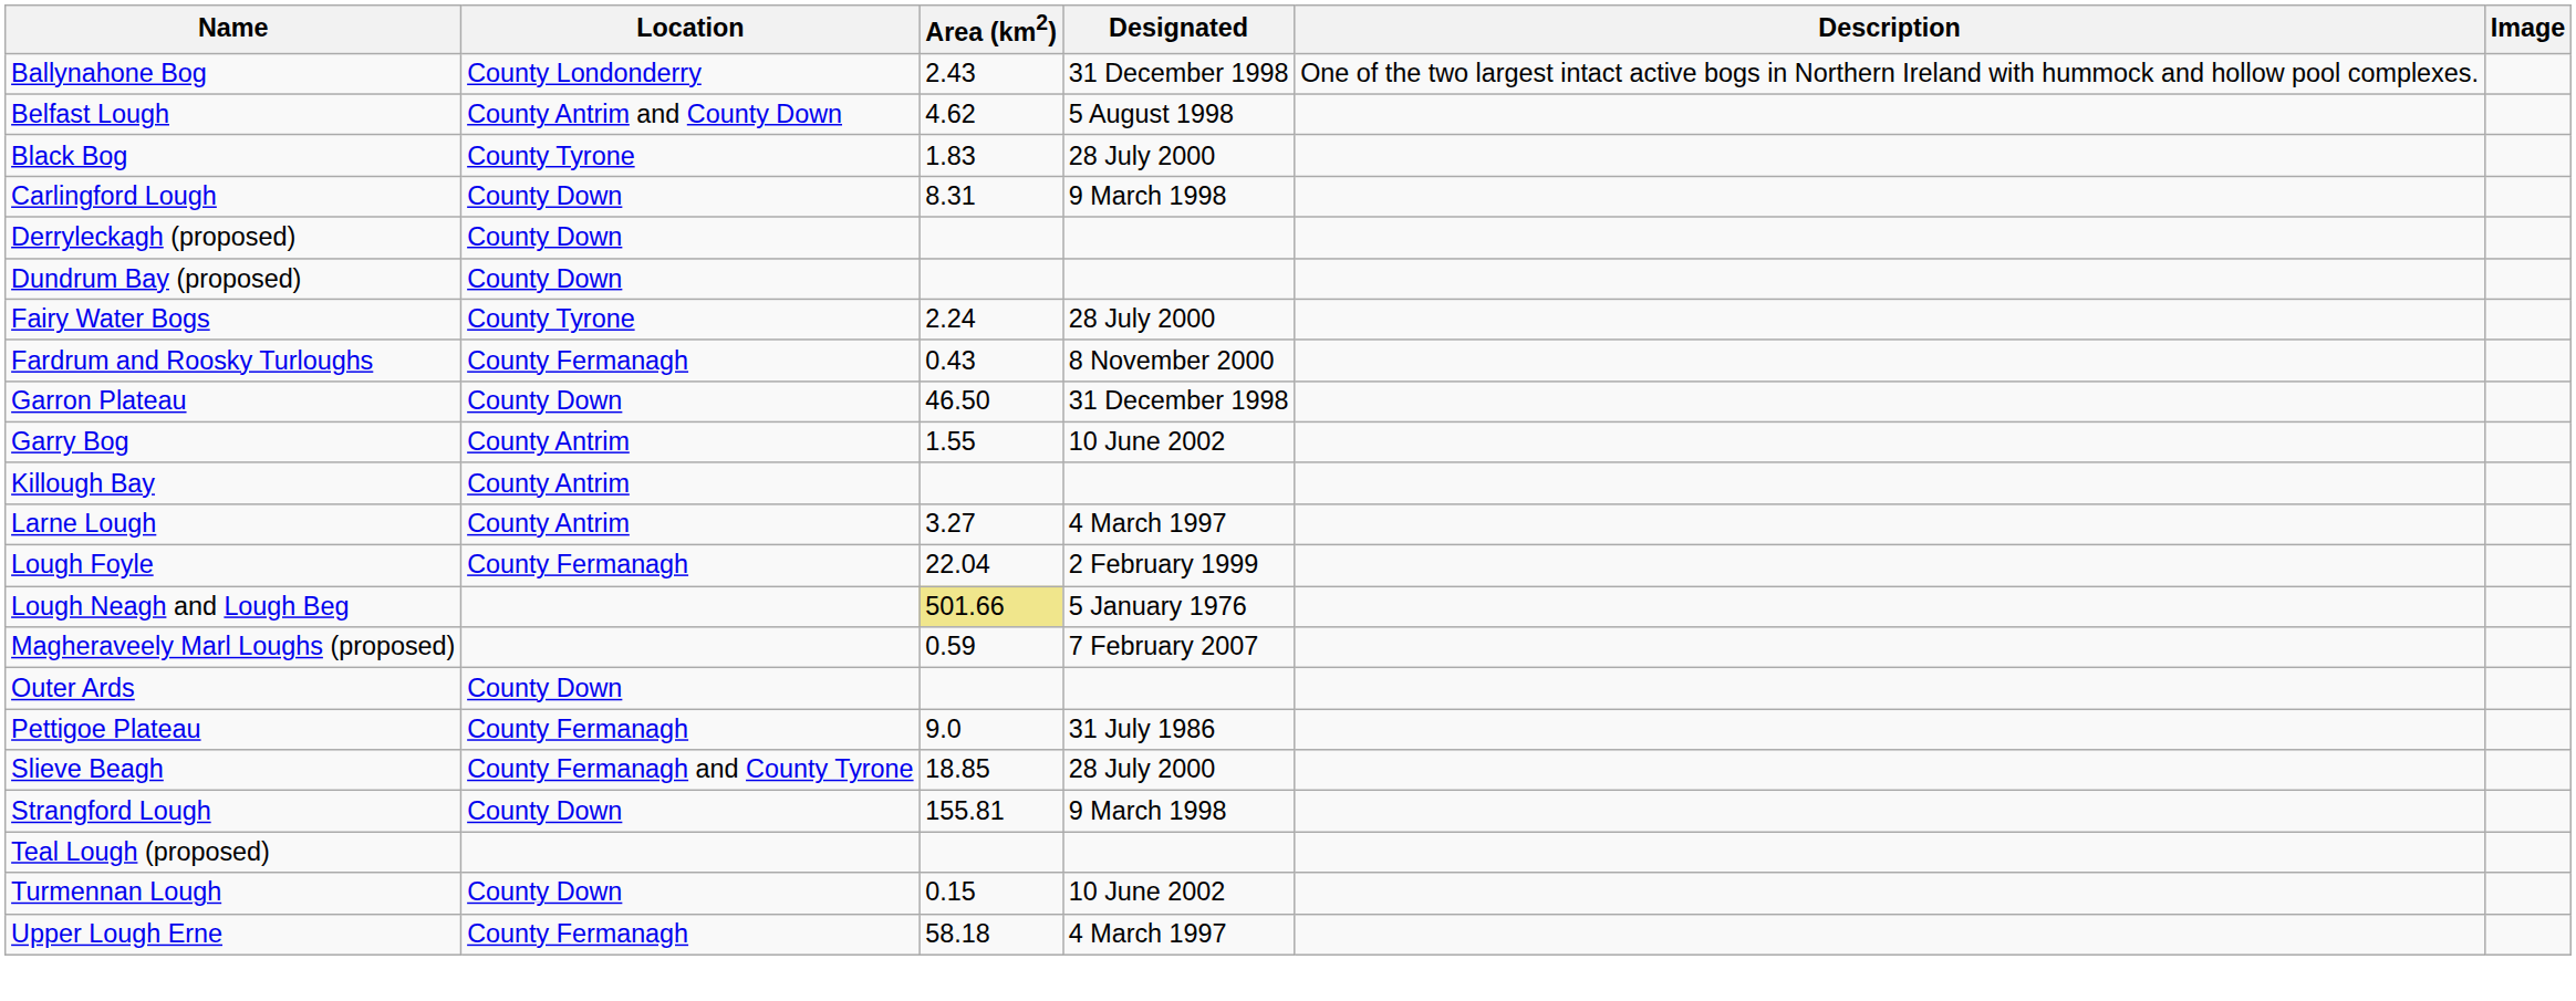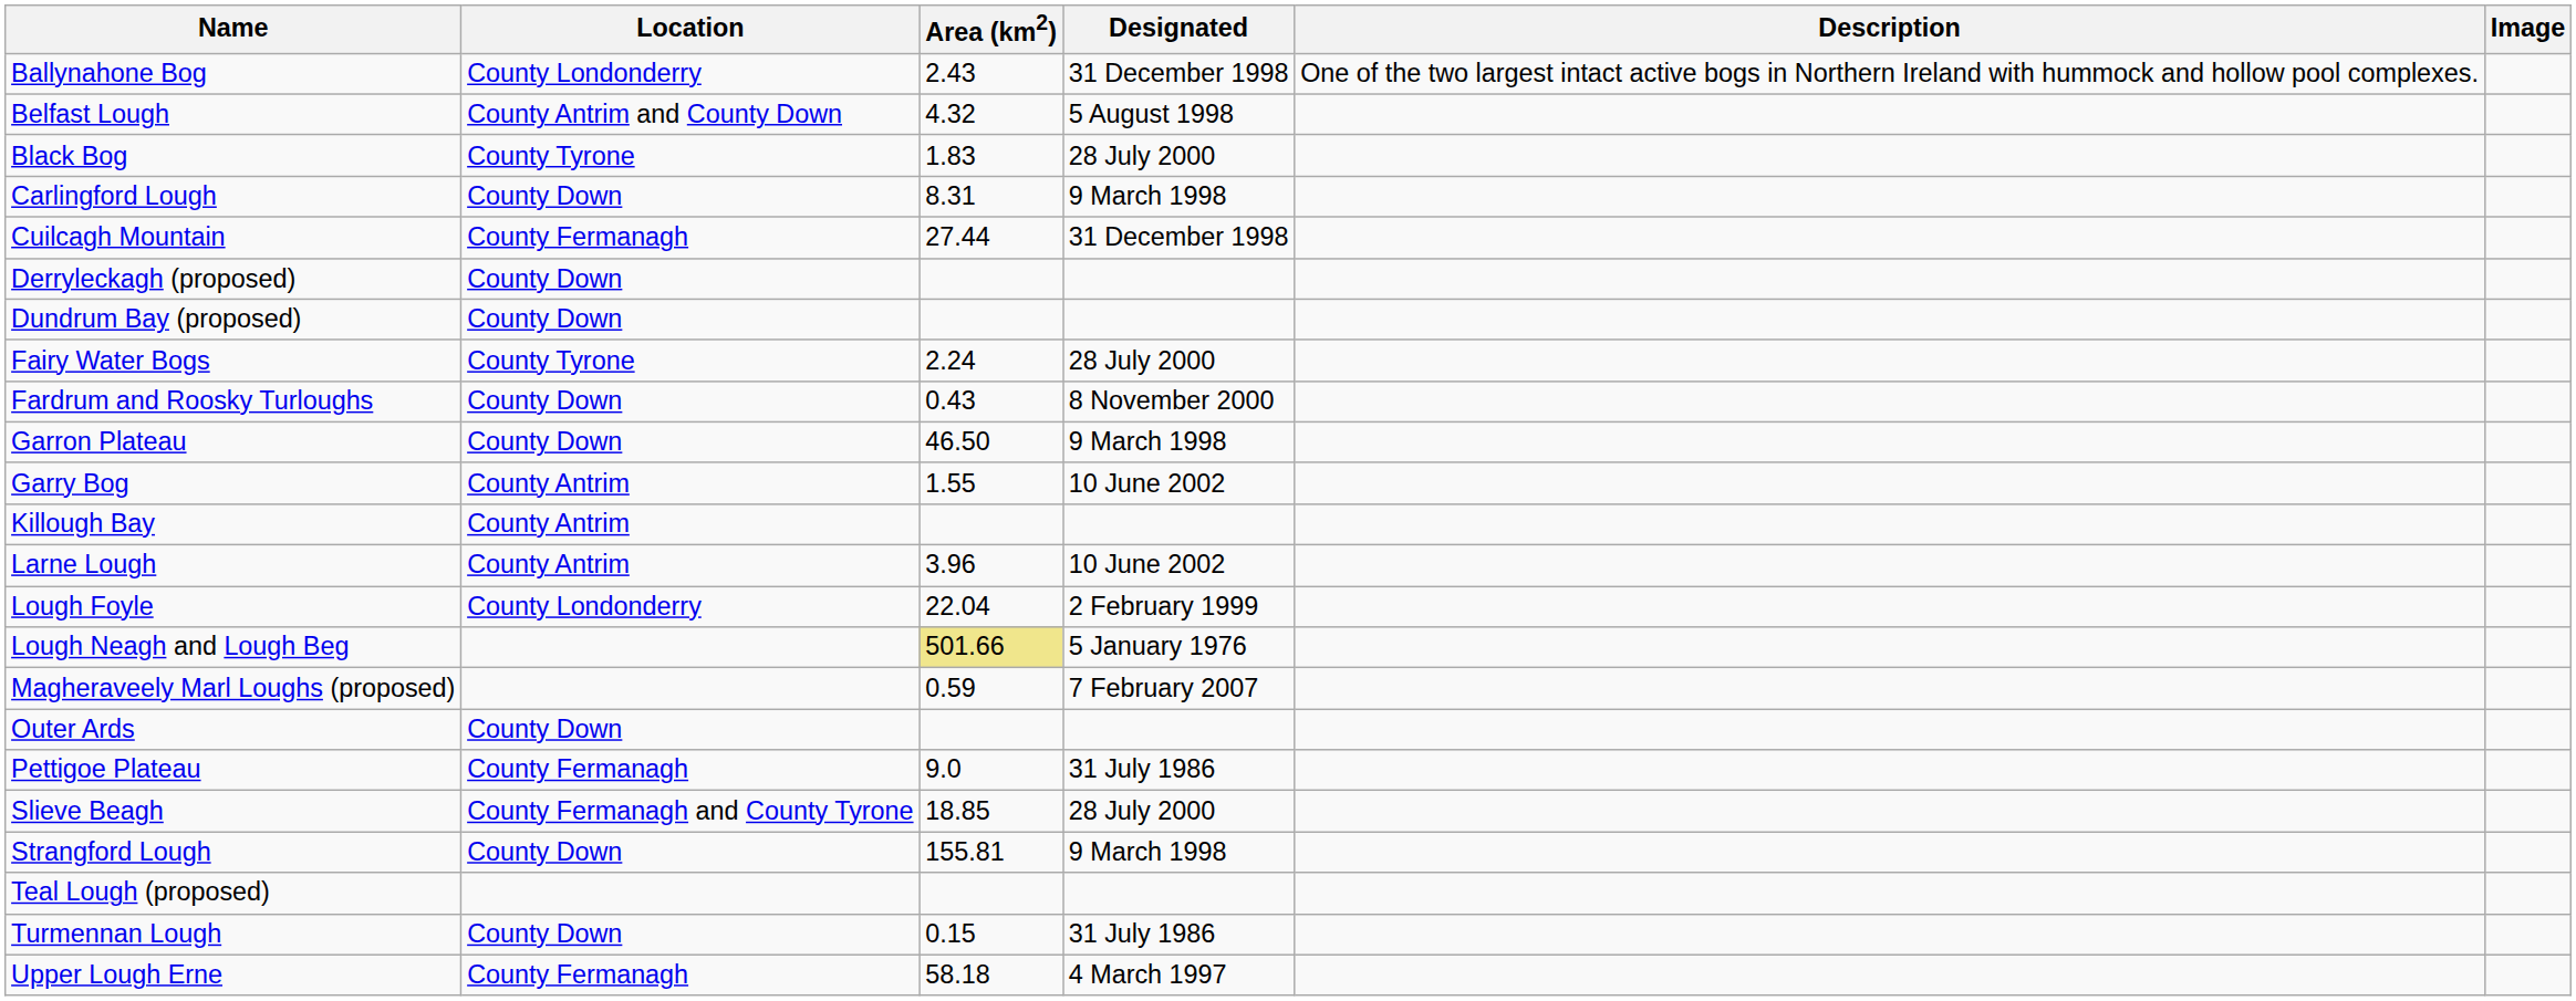 <table class="wikitable sortable">
 <tr>
 <th style="background-color:">Name</th>
 <th style="background-color:">Location</th>
 <th style="background-color:">Area (km<sup>2</sup>)</th>
 <th style="background-color:">Designated</th>
 <th style="background-color:">Description</th>
 <th style="background-color:">Image</th>
 </tr>
 <tr>
 <td><a href='#'>Ballynahone Bog</a></td>
 <td><a href='#'>County Londonderry</a><br><small></small></td>
 <td>2.43</td>
 <td>31 December 1998</td>
 <td>One of the two largest intact active bogs in Northern Ireland with hummock and hollow pool complexes.</td>
 <td></td>
 </tr>
 <tr>
 <td><a href='#'>Belfast Lough</a></td>
 <td><a href='#'>County Antrim</a> and <a href='#'>County Down</a><br><small></small></td>
-<td>4.62</td>
+<td>4.32</td>
 <td>5 August 1998</td>
 <td></td>
 <td></td>
 </tr>
 <tr>
 <td><a href='#'>Black Bog</a></td>
 <td><a href='#'>County Tyrone</a></td>
 <td>1.83</td>
 <td>28 July 2000</td>
 <td></td>
 <td></td>
 </tr>
 <tr>
 <td><a href='#'>Carlingford Lough</a></td>
 <td><a href='#'>County Down</a></td>
 <td>8.31</td>
 <td>9 March 1998</td>
+<td></td>
+<td></td>
+</tr>
+<tr>
+<td><a href='#'>Cuilcagh Mountain</a></td>
+<td><a href='#'>County Fermanagh</a></td>
+<td>27.44</td>
+<td>31 December 1998</td>
 <td></td>
 <td></td>
 </tr>
 <tr>
 <td><a href='#'>Derryleckagh</a> (proposed)</td>
 <td><a href='#'>County Down</a></td>
 <td></td>
 <td></td>
 <td></td>
 <td></td>
 </tr>
 <tr>
 <td><a href='#'>Dundrum Bay</a> (proposed)</td>
 <td><a href='#'>County Down</a></td>
 <td></td>
 <td></td>
 <td></td>
 <td></td>
 </tr>
 <tr>
 <td><a href='#'>Fairy Water Bogs</a></td>
 <td><a href='#'>County Tyrone</a></td>
 <td>2.24</td>
 <td>28 July 2000</td>
 <td></td>
 <td></td>
 </tr>
 <tr>
 <td><a href='#'>Fardrum and Roosky Turloughs</a></td>
-<td><a href='#'>County Fermanagh</a></td>
+<td><a href='#'>County Down</a></td>
 <td>0.43</td>
 <td>8 November 2000</td>
 <td></td>
 <td></td>
 </tr>
 <tr>
 <td><a href='#'>Garron Plateau</a></td>
 <td><a href='#'>County Down</a></td>
 <td>46.50</td>
-<td>31 December 1998</td>
+<td>9 March 1998</td>
 <td></td>
 <td></td>
 </tr>
 <tr>
 <td><a href='#'>Garry Bog</a></td>
 <td><a href='#'>County Antrim</a></td>
 <td>1.55</td>
 <td>10 June 2002</td>
 <td></td>
 <td></td>
 </tr>
 <tr>
 <td><a href='#'>Killough Bay</a></td>
 <td><a href='#'>County Antrim</a></td>
 <td></td>
 <td></td>
 <td></td>
 <td></td>
 </tr>
 <tr>
 <td><a href='#'>Larne Lough</a></td>
 <td><a href='#'>County Antrim</a></td>
-<td>3.27</td>
-<td>4 March 1997</td>
+<td>3.96</td>
+<td>10 June 2002</td>
 <td></td>
 <td></td>
 </tr>
 <tr>
 <td><a href='#'>Lough Foyle</a></td>
-<td><a href='#'>County Fermanagh</a></td>
+<td><a href='#'>County Londonderry</a></td>
 <td>22.04</td>
 <td>2 February 1999</td>
 <td></td>
 <td></td>
 </tr>
 <tr>
 <td><a href='#'>Lough Neagh</a> and <a href='#'>Lough Beg</a></td>
 <td></td>
 <td style="background: khaki;">501.66</td>
 <td>5 January 1976</td>
 <td></td>
 <td></td>
 </tr>
 <tr>
 <td><a href='#'>Magheraveely Marl Loughs</a> (proposed)</td>
 <td></td>
 <td>0.59</td>
 <td>7 February 2007</td>
 <td></td>
 <td></td>
 </tr>
 <tr>
 <td><a href='#'>Outer Ards</a></td>
 <td><a href='#'>County Down</a></td>
 <td></td>
 <td></td>
 <td></td>
 <td></td>
 </tr>
 <tr>
 <td><a href='#'>Pettigoe Plateau</a></td>
 <td><a href='#'>County Fermanagh</a></td>
 <td>9.0</td>
 <td>31 July 1986</td>
 <td></td>
 <td></td>
 </tr>
 <tr>
 <td><a href='#'>Slieve Beagh</a></td>
 <td><a href='#'>County Fermanagh</a> and <a href='#'>County Tyrone</a></td>
 <td>18.85</td>
 <td>28 July 2000</td>
 <td></td>
 <td></td>
 </tr>
 <tr>
 <td><a href='#'>Strangford Lough</a></td>
 <td><a href='#'>County Down</a></td>
 <td>155.81</td>
 <td>9 March 1998</td>
 <td></td>
 <td></td>
 </tr>
 <tr>
 <td><a href='#'>Teal Lough</a> (proposed)</td>
 <td></td>
 <td></td>
 <td></td>
 <td></td>
 <td></td>
 </tr>
 <tr>
 <td><a href='#'>Turmennan Lough</a></td>
 <td><a href='#'>County Down</a></td>
 <td>0.15</td>
-<td>10 June 2002</td>
+<td>31 July 1986</td>
 <td></td>
 <td></td>
 </tr>
 <tr>
 <td><a href='#'>Upper Lough Erne</a></td>
 <td><a href='#'>County Fermanagh</a></td>
 <td>58.18</td>
 <td>4 March 1997</td>
 <td></td>
 <td></td>
 </tr>
 </table>
